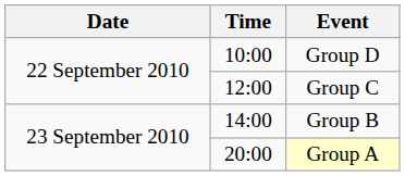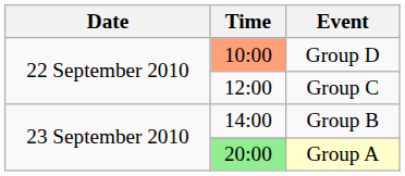 <table class = "wikitable" style="text-align:center;">
 <tr>
 <th width=150>Date</th>
 <th width=50>Time</th>
 <th width=80>Event</th>
 </tr>
 <tr>
 <td rowspan=2>22 September 2010</td>
-<td>10:00</td>
+<td style="background: lightsalmon;">10:00</td>
 <td>Group D</td>
 </tr>
 <tr>
 <td>12:00</td>
 <td>Group C</td>
 </tr>
 <tr>
 <td rowspan=2>23 September 2010</td>
 <td>14:00</td>
 <td>Group B</td>
 </tr>
 <tr>
-<td>20:00</td>
+<td style="background: lightgreen;">20:00</td>
 <td bgcolor=ffffcc>Group A</td>
 </tr>
 </table>
